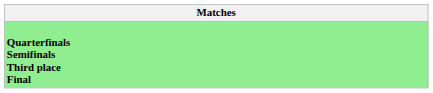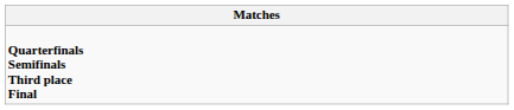 <table class="wikitable collapsible collapsed" style="width:100%;">
 <tr>
 <th>Matches</th>
 </tr>
 <tr>
-<td style="background: lightgreen;"><br><strong>Quarterfinals</strong>    <br><strong>Semifinals</strong>  <br><strong>Third place</strong> <br><strong>Final</strong> </td>
+<td><br><strong>Quarterfinals</strong>    <br><strong>Semifinals</strong>  <br><strong>Third place</strong> <br><strong>Final</strong> </td>
 </tr>
 </table>
